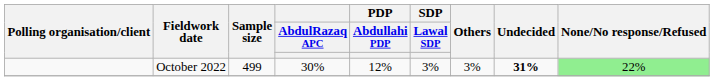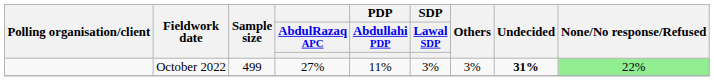 <table class="wikitable" style="text-align:center;font-size:95%;line-height:14px;">
 <tr>
 <th rowspan="3">Polling organisation/client</th>
 <th rowspan="3">Fieldwork<br>date</th>
 <th rowspan="3">Sample<br>size</th>
 <th></th>
 <th><div><span> <strong>PDP</strong></span></div></th>
 <th><div><span> <strong>SDP</strong></span></div></th>
 <th rowspan="3">Others</th>
 <th rowspan="3">Undecided</th>
 <th rowspan="3">None/No response/Refused</th>
 </tr>
 <tr>
 <th><a href='#'>AbdulRazaq</a><br><small><a href='#'>APC</a></small></th>
 <th><a href='#'>Abdullahi</a><br><small><a href='#'>PDP</a></small></th>
 <th><a href='#'>Lawal</a><br><small><a href='#'>SDP</a></small></th>
 </tr>
 <tr>
 <th style="background:"></th>
 <th style="background:"></th>
 <th style="background:"></th>
 </tr>
 <tr>
 <td></td>
 <td>October 2022</td>
 <td>499</td>
-<td>30%</td>
-<td>12%</td>
+<td>27%</td>
+<td>11%</td>
 <td>3%</td>
 <td>3%</td>
 <td><strong>31%</strong></td>
 <td style="background: lightgreen;">22%</td>
 </tr>
 <tr>
 </tr>
 </table>
